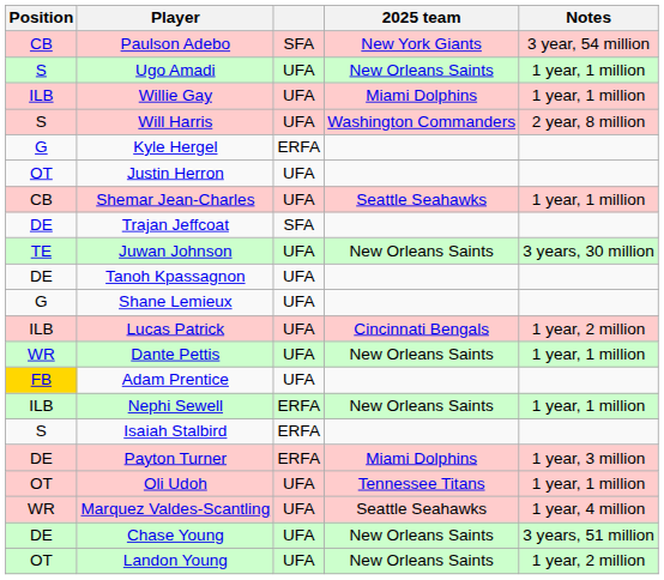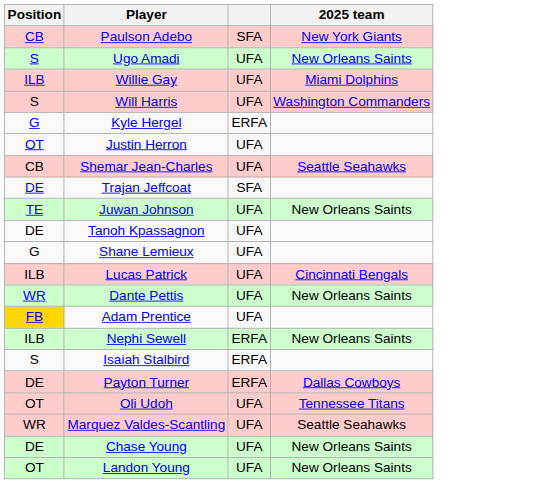 <table class="wikitable" style="text-align:center">
 <tr>
 <th>Position</th>
 <th>Player</th>
 <th></th>
 <th>2025 team</th>
-<th>Notes</th>
 </tr>
 <tr style="background:#fcc">
 <td><a href='#'>CB</a></td>
 <td><a href='#'>Paulson Adebo</a></td>
 <td>SFA</td>
 <td><a href='#'>New York Giants</a></td>
-<td>3 year, 54 million</td>
 </tr>
 <tr style="background:#cfc">
 <td><a href='#'>S</a></td>
 <td><a href='#'>Ugo Amadi</a></td>
 <td>UFA</td>
 <td><a href='#'>New Orleans Saints</a></td>
-<td>1 year, 1 million</td>
 </tr>
 <tr style="background:#fcc">
 <td><a href='#'>ILB</a></td>
 <td><a href='#'>Willie Gay</a></td>
 <td>UFA</td>
 <td><a href='#'>Miami Dolphins</a></td>
-<td>1 year, 1 million</td>
 </tr>
 <tr style="background:#fcc">
 <td>S</td>
 <td><a href='#'>Will Harris</a></td>
 <td>UFA</td>
 <td><a href='#'>Washington Commanders</a></td>
-<td>2 year, 8 million</td>
 </tr>
 <tr>
 <td><a href='#'>G</a></td>
 <td><a href='#'>Kyle Hergel</a></td>
 <td>ERFA</td>
-<td></td>
 <td></td>
 </tr>
 <tr>
 <td><a href='#'>OT</a></td>
 <td><a href='#'>Justin Herron</a></td>
 <td>UFA</td>
 <td></td>
-<td></td>
 </tr>
 <tr style="background:#fcc">
 <td>CB</td>
 <td><a href='#'>Shemar Jean-Charles</a></td>
 <td>UFA</td>
 <td><a href='#'>Seattle Seahawks</a></td>
-<td>1 year, 1 million</td>
 </tr>
 <tr>
 <td><a href='#'>DE</a></td>
 <td><a href='#'>Trajan Jeffcoat</a></td>
 <td>SFA</td>
-<td></td>
 <td></td>
 </tr>
 <tr style="background:#cfc">
 <td><a href='#'>TE</a></td>
 <td><a href='#'>Juwan Johnson</a></td>
 <td>UFA</td>
 <td>New Orleans Saints</td>
-<td>3 years, 30 million</td>
 </tr>
 <tr>
 <td>DE</td>
 <td><a href='#'>Tanoh Kpassagnon</a></td>
 <td>UFA</td>
-<td></td>
 <td></td>
 </tr>
 <tr>
 <td>G</td>
 <td><a href='#'>Shane Lemieux</a></td>
 <td>UFA</td>
 <td></td>
-<td></td>
 </tr>
 <tr style="background:#fcc">
 <td>ILB</td>
 <td><a href='#'>Lucas Patrick</a></td>
 <td>UFA</td>
 <td><a href='#'>Cincinnati Bengals</a></td>
-<td>1 year, 2 million</td>
 </tr>
 <tr style="background:#cfc">
 <td><a href='#'>WR</a></td>
 <td><a href='#'>Dante Pettis</a></td>
 <td>UFA</td>
 <td>New Orleans Saints</td>
-<td>1 year, 1 million</td>
 </tr>
 <tr>
 <td style="background: gold;"><a href='#'>FB</a></td>
 <td><a href='#'>Adam Prentice</a></td>
 <td>UFA</td>
-<td></td>
 <td></td>
 </tr>
 <tr style="background:#cfc">
 <td>ILB</td>
 <td><a href='#'>Nephi Sewell</a></td>
 <td>ERFA</td>
 <td>New Orleans Saints</td>
-<td>1 year, 1 million</td>
 </tr>
 <tr>
 <td>S</td>
 <td><a href='#'>Isaiah Stalbird</a></td>
 <td>ERFA</td>
 <td></td>
-<td></td>
 </tr>
 <tr style="background:#fcc">
 <td>DE</td>
 <td><a href='#'>Payton Turner</a></td>
 <td>ERFA</td>
-<td><a href='#'>Miami Dolphins</a></td>
-<td>1 year, 3 million</td>
+<td><a href='#'>Dallas Cowboys</a></td>
 </tr>
 <tr style="background:#fcc">
 <td>OT</td>
 <td><a href='#'>Oli Udoh</a></td>
 <td>UFA</td>
 <td><a href='#'>Tennessee Titans</a></td>
-<td>1 year, 1 million</td>
 </tr>
 <tr style="background:#fcc">
 <td>WR</td>
 <td><a href='#'>Marquez Valdes-Scantling</a></td>
 <td>UFA</td>
 <td>Seattle Seahawks</td>
-<td>1 year, 4 million</td>
 </tr>
 <tr style="background:#cfc">
 <td>DE</td>
 <td><a href='#'>Chase Young</a></td>
 <td>UFA</td>
 <td>New Orleans Saints</td>
-<td>3 years, 51 million</td>
 </tr>
 <tr style="background:#cfc">
 <td>OT</td>
 <td><a href='#'>Landon Young</a></td>
 <td>UFA</td>
 <td>New Orleans Saints</td>
-<td>1 year, 2 million</td>
 </tr>
 </table>
